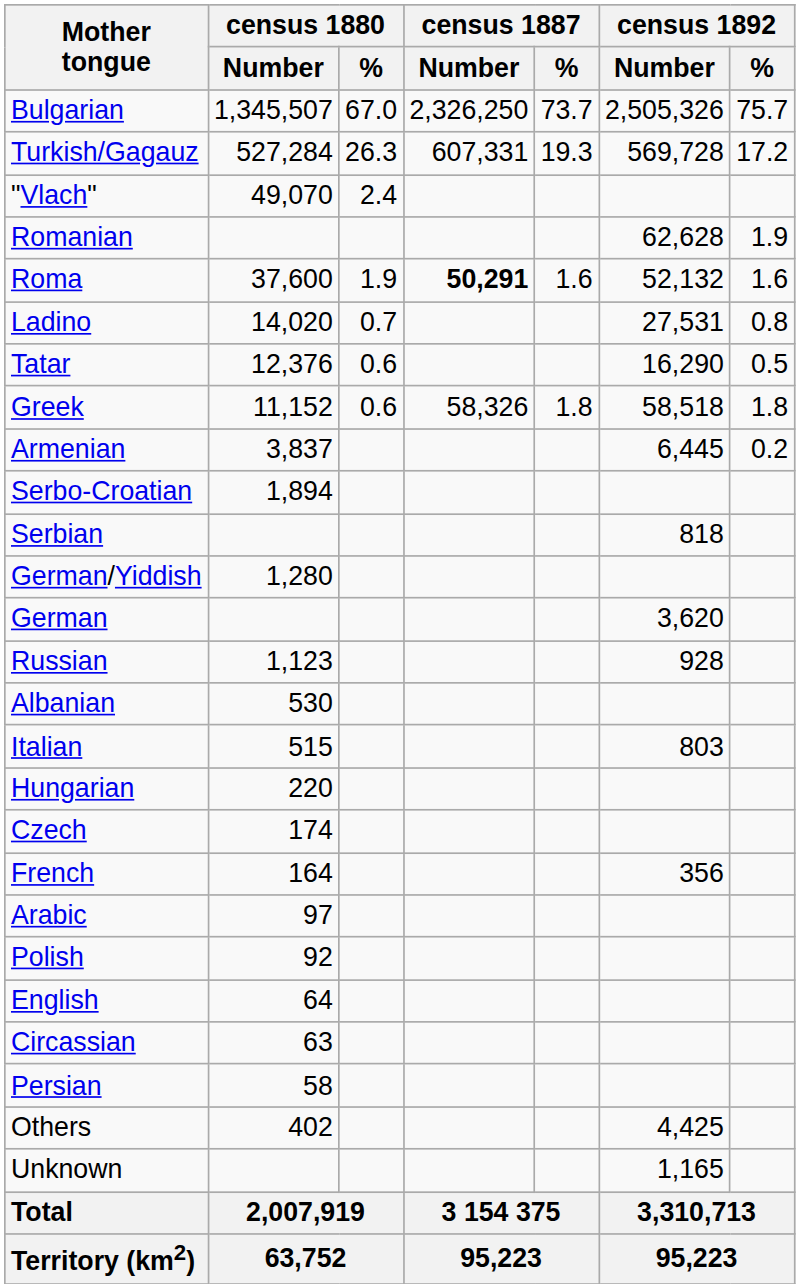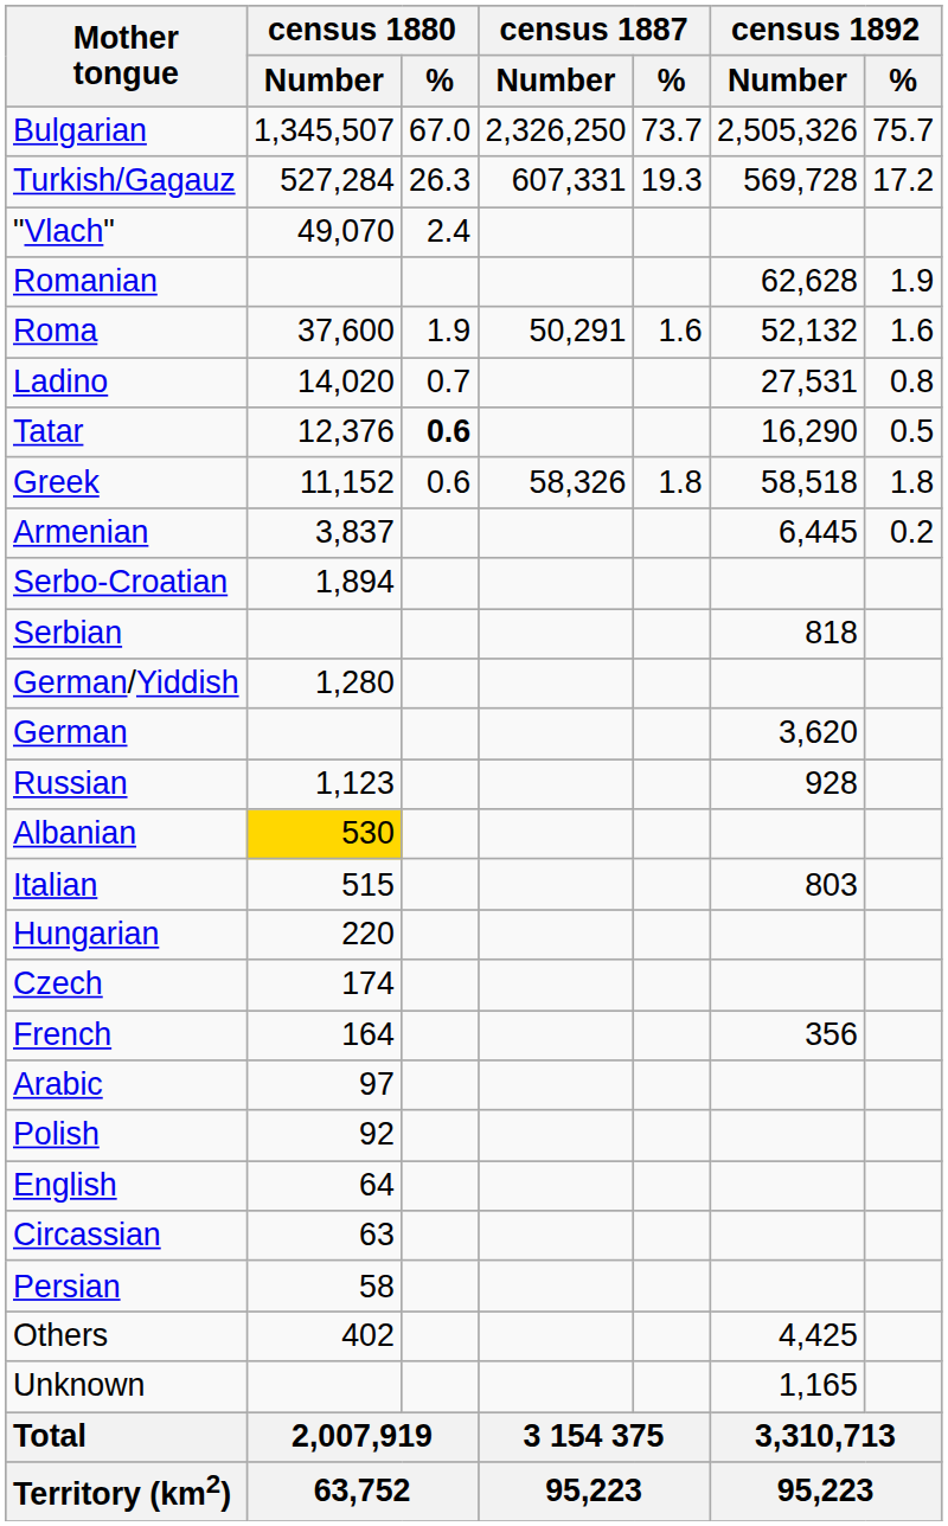 <table class="wikitable">
 <tr style="background:#e0e0e0;">
 <th rowspan="2">Mother<br>tongue</th>
 <th colspan="2">census 1880</th>
 <th colspan="2">census 1887</th>
 <th colspan="2">census 1892</th>
 </tr>
 <tr style="background:#e0e0e0;">
 <th>Number</th>
 <th>%</th>
 <th>Number</th>
 <th>%</th>
 <th>Number</th>
 <th>%</th>
 </tr>
 <tr>
 <td><a href='#'>Bulgarian</a></td>
 <td style="text-align:right;">1,345,507</td>
 <td style="text-align:right;">67.0</td>
 <td style="text-align:right;">2,326,250</td>
 <td style="text-align:right;">73.7</td>
 <td style="text-align:right;">2,505,326</td>
 <td style="text-align:right;">75.7</td>
 </tr>
 <tr>
 <td><a href='#'>Turkish/Gagauz</a></td>
 <td style="text-align:right;">527,284</td>
 <td style="text-align:right;">26.3</td>
 <td style="text-align:right;">607,331</td>
 <td style="text-align:right;">19.3</td>
 <td style="text-align:right;">569,728</td>
 <td style="text-align:right;">17.2</td>
 </tr>
 <tr>
 <td>"<a href='#'>Vlach</a>"</td>
 <td style="text-align:right;">49,070</td>
 <td style="text-align:right;">2.4</td>
 <td style="text-align:right;"></td>
 <td style="text-align:right;"></td>
 <td style="text-align:right;"></td>
 <td style="text-align:right;"></td>
 </tr>
 <tr>
 <td><a href='#'>Romanian</a></td>
 <td style="text-align:right;"></td>
 <td style="text-align:right;"></td>
 <td style="text-align:right;"></td>
 <td style="text-align:right;"></td>
 <td style="text-align:right;">62,628</td>
 <td style="text-align:right;">1.9</td>
 </tr>
 <tr>
 <td><a href='#'>Roma</a></td>
 <td style="text-align:right;">37,600</td>
 <td style="text-align:right;">1.9</td>
-<td style="text-align:right;"><strong>50,291</strong></td>
+<td style="text-align:right;">50,291</td>
 <td style="text-align:right;">1.6</td>
 <td style="text-align:right;">52,132</td>
 <td style="text-align:right;">1.6</td>
 </tr>
 <tr>
 <td><a href='#'>Ladino</a></td>
 <td style="text-align:right;">14,020</td>
 <td style="text-align:right;">0.7</td>
 <td style="text-align:right;"></td>
 <td style="text-align:right;"></td>
 <td style="text-align:right;">27,531</td>
 <td style="text-align:right;">0.8</td>
 </tr>
 <tr>
 <td><a href='#'>Tatar</a></td>
 <td style="text-align:right;">12,376</td>
-<td style="text-align:right;">0.6</td>
+<td style="text-align:right;"><strong>0.6</strong></td>
 <td style="text-align:right;"></td>
 <td style="text-align:right;"></td>
 <td style="text-align:right;">16,290</td>
 <td style="text-align:right;">0.5</td>
 </tr>
 <tr>
 <td><a href='#'>Greek</a></td>
 <td style="text-align:right;">11,152</td>
 <td style="text-align:right;">0.6</td>
 <td style="text-align:right;">58,326</td>
 <td style="text-align:right;">1.8</td>
 <td style="text-align:right;">58,518</td>
 <td style="text-align:right;">1.8</td>
 </tr>
 <tr>
 <td><a href='#'>Armenian</a></td>
 <td style="text-align:right;">3,837</td>
 <td style="text-align:right;"></td>
 <td style="text-align:right;"></td>
 <td style="text-align:right;"></td>
 <td style="text-align:right;">6,445</td>
 <td style="text-align:right;">0.2</td>
 </tr>
 <tr>
 <td><a href='#'>Serbo-Croatian</a></td>
 <td style="text-align:right;">1,894</td>
 <td style="text-align:right;"></td>
 <td style="text-align:right;"></td>
 <td style="text-align:right;"></td>
 <td style="text-align:right;"></td>
 <td style="text-align:right;"></td>
 </tr>
 <tr>
 <td><a href='#'>Serbian</a></td>
 <td style="text-align:right;"></td>
 <td style="text-align:right;"></td>
 <td style="text-align:right;"></td>
 <td style="text-align:right;"></td>
 <td style="text-align:right;">818</td>
 <td style="text-align:right;"></td>
 </tr>
 <tr>
 <td><a href='#'>German</a>/<a href='#'>Yiddish</a></td>
 <td style="text-align:right;">1,280</td>
 <td style="text-align:right;"></td>
 <td style="text-align:right;"></td>
 <td style="text-align:right;"></td>
 <td style="text-align:right;"></td>
 <td style="text-align:right;"></td>
 </tr>
 <tr>
 <td><a href='#'>German</a></td>
 <td style="text-align:right;"></td>
 <td style="text-align:right;"></td>
 <td style="text-align:right;"></td>
 <td style="text-align:right;"></td>
 <td style="text-align:right;">3,620</td>
 <td style="text-align:right;"></td>
 </tr>
 <tr>
 <td><a href='#'>Russian</a></td>
 <td style="text-align:right;">1,123</td>
 <td style="text-align:right;"></td>
 <td style="text-align:right;"></td>
 <td style="text-align:right;"></td>
 <td style="text-align:right;">928</td>
 <td style="text-align:right;"></td>
 </tr>
 <tr>
 <td><a href='#'>Albanian</a></td>
-<td style="text-align:right;">530</td>
+<td style="background: gold; text-align:right;">530</td>
 <td style="text-align:right;"></td>
 <td style="text-align:right;"></td>
 <td style="text-align:right;"></td>
 <td style="text-align:right;"></td>
 <td style="text-align:right;"></td>
 </tr>
 <tr>
 <td><a href='#'>Italian</a></td>
 <td style="text-align:right;">515</td>
 <td style="text-align:right;"></td>
 <td style="text-align:right;"></td>
 <td style="text-align:right;"></td>
 <td style="text-align:right;">803</td>
 <td style="text-align:right;"></td>
 </tr>
 <tr>
 <td><a href='#'>Hungarian</a></td>
 <td style="text-align:right;">220</td>
 <td style="text-align:right;"></td>
 <td style="text-align:right;"></td>
 <td style="text-align:right;"></td>
 <td style="text-align:right;"></td>
 <td style="text-align:right;"></td>
 </tr>
 <tr>
 <td><a href='#'>Czech</a></td>
 <td style="text-align:right;">174</td>
 <td style="text-align:right;"></td>
 <td style="text-align:right;"></td>
 <td style="text-align:right;"></td>
 <td style="text-align:right;"></td>
 <td style="text-align:right;"></td>
 </tr>
 <tr>
 <td><a href='#'>French</a></td>
 <td style="text-align:right;">164</td>
 <td style="text-align:right;"></td>
 <td style="text-align:right;"></td>
 <td style="text-align:right;"></td>
 <td style="text-align:right;">356</td>
 <td style="text-align:right;"></td>
 </tr>
 <tr>
 <td><a href='#'>Arabic</a></td>
 <td style="text-align:right;">97</td>
 <td style="text-align:right;"></td>
 <td style="text-align:right;"></td>
 <td style="text-align:right;"></td>
 <td style="text-align:right;"></td>
 <td style="text-align:right;"></td>
 </tr>
 <tr>
 <td><a href='#'>Polish</a></td>
 <td style="text-align:right;">92</td>
 <td style="text-align:right;"></td>
 <td style="text-align:right;"></td>
 <td style="text-align:right;"></td>
 <td style="text-align:right;"></td>
 <td style="text-align:right;"></td>
 </tr>
 <tr>
 <td><a href='#'>English</a></td>
 <td style="text-align:right;">64</td>
 <td style="text-align:right;"></td>
 <td style="text-align:right;"></td>
 <td style="text-align:right;"></td>
 <td style="text-align:right;"></td>
 <td style="text-align:right;"></td>
 </tr>
 <tr>
 <td><a href='#'>Circassian</a></td>
 <td style="text-align:right;">63</td>
 <td style="text-align:right;"></td>
 <td style="text-align:right;"></td>
 <td style="text-align:right;"></td>
 <td style="text-align:right;"></td>
 <td style="text-align:right;"></td>
 </tr>
 <tr>
 <td><a href='#'>Persian</a></td>
 <td style="text-align:right;">58</td>
 <td style="text-align:right;"></td>
 <td style="text-align:right;"></td>
 <td style="text-align:right;"></td>
 <td style="text-align:right;"></td>
 <td style="text-align:right;"></td>
 </tr>
 <tr>
 <td>Others</td>
 <td style="text-align:right;">402</td>
 <td style="text-align:right;"></td>
 <td style="text-align:right;"></td>
 <td style="text-align:right;"></td>
 <td style="text-align:right;">4,425</td>
 <td style="text-align:right;"></td>
 </tr>
 <tr>
 <td>Unknown</td>
 <td style="text-align:right;"></td>
 <td style="text-align:right;"></td>
 <td style="text-align:right;"></td>
 <td style="text-align:right;"></td>
 <td style="text-align:right;">1,165</td>
 <td style="text-align:right;"></td>
 </tr>
 <tr style="background:#e0e0e0;">
 <th style="text-align:left;">Total</th>
 <th colspan="2">2,007,919</th>
 <th colspan="2">3 154 375</th>
 <th colspan="2">3,310,713</th>
 </tr>
 <tr style="background:#e0e0e0;">
 <th style="text-align:left;">Territory (km<sup>2</sup>)</th>
 <th colspan="2">63,752</th>
 <th colspan="2">95,223</th>
 <th colspan="2">95,223</th>
 </tr>
 </table>
